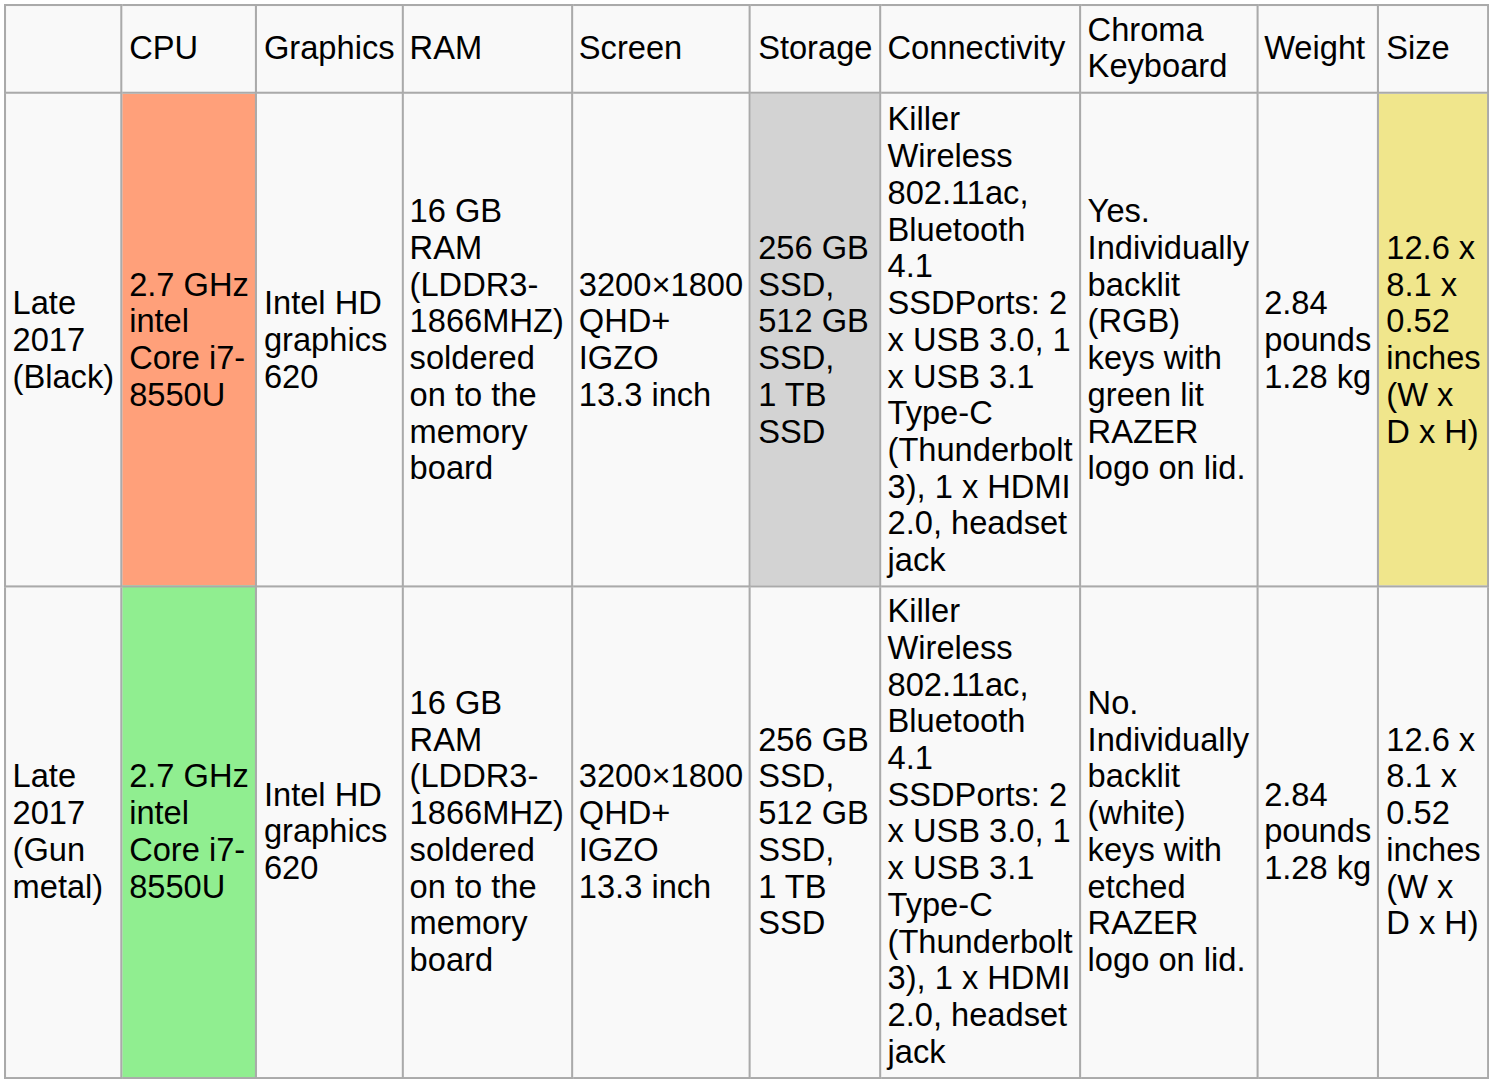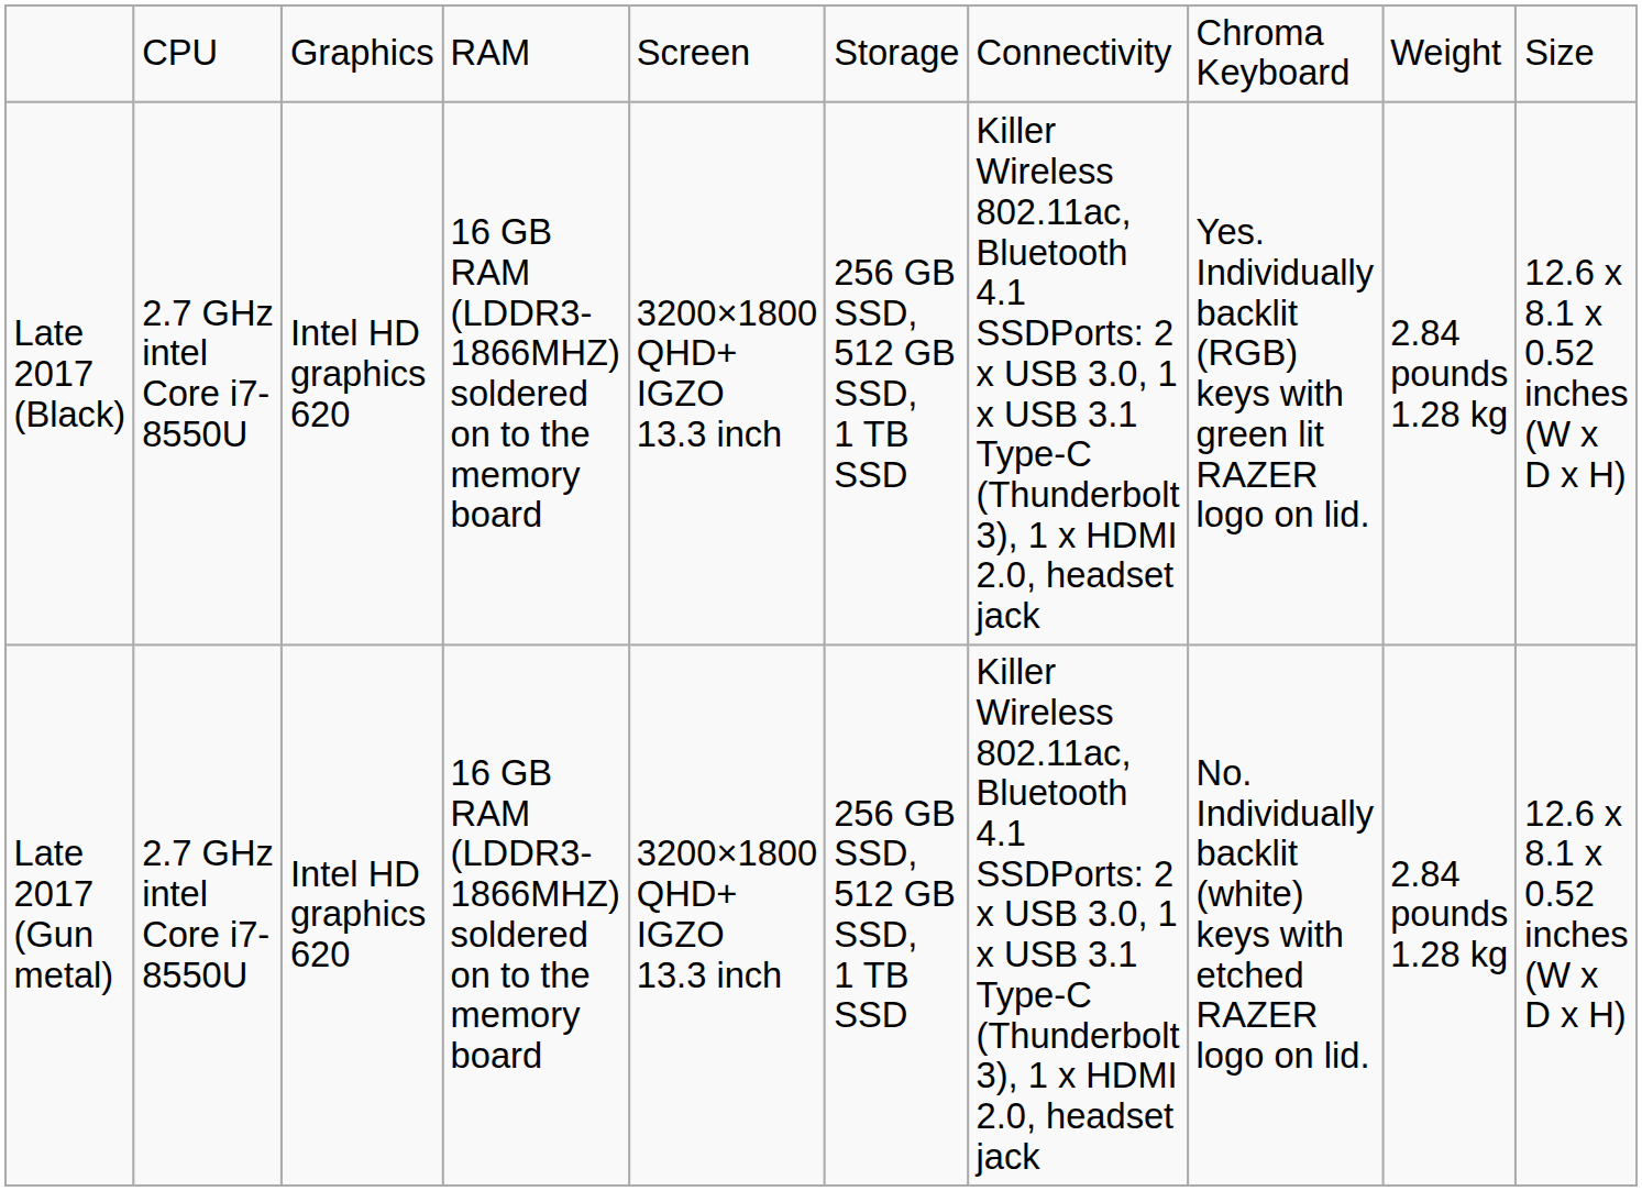 <table class="wikitable">
 <tr>
 <td></td>
 <td>CPU</td>
 <td>Graphics</td>
 <td>RAM</td>
 <td>Screen</td>
 <td>Storage</td>
 <td>Connectivity</td>
 <td>Chroma Keyboard</td>
 <td>Weight</td>
 <td>Size</td>
 </tr>
 <tr>
 <td>Late 2017 (Black)<br></td>
-<td style="background: lightsalmon;">2.7 GHz intel Core i7-8550U</td>
+<td>2.7 GHz intel Core i7-8550U</td>
 <td>Intel HD graphics 620</td>
 <td>16 GB RAM (LDDR3-1866MHZ) soldered on to the memory board</td>
 <td>3200×1800 QHD+ IGZO<br>13.3 inch</td>
-<td style="background: lightgrey;">256 GB SSD, 512 GB SSD,<br>1 TB SSD</td>
+<td>256 GB SSD, 512 GB SSD,<br>1 TB SSD</td>
 <td>Killer Wireless 802.11ac, Bluetooth  4.1<br>SSDPorts: 2 x USB 3.0, 1 x USB 3.1  Type-C (Thunderbolt 3), 1 x HDMI 2.0, headset jack</td>
 <td>Yes. Individually backlit (RGB) keys with green lit RAZER logo on lid.</td>
 <td>2.84 pounds<br>1.28 kg</td>
-<td style="background: khaki;">12.6 x 8.1 x 0.52 inches (W x D x H)</td>
+<td>12.6 x 8.1 x 0.52 inches (W x D x H)</td>
 </tr>
 <tr>
 <td>Late 2017 (Gun metal)<br></td>
-<td style="background: lightgreen;">2.7 GHz intel Core i7-8550U</td>
+<td>2.7 GHz intel Core i7-8550U</td>
 <td>Intel HD graphics 620</td>
 <td>16 GB RAM (LDDR3-1866MHZ) soldered on to the memory board</td>
 <td>3200×1800 QHD+ IGZO<br>13.3 inch</td>
 <td>256 GB SSD, 512 GB SSD,<br>1 TB SSD</td>
 <td>Killer Wireless 802.11ac, Bluetooth  4.1<br>SSDPorts: 2 x USB 3.0, 1 x USB 3.1  Type-C (Thunderbolt 3), 1 x HDMI 2.0, headset jack</td>
 <td>No. Individually backlit (white) keys with etched RAZER logo on lid.</td>
 <td>2.84 pounds<br>1.28 kg</td>
 <td>12.6 x 8.1 x 0.52 inches (W x D x H)</td>
 </tr>
 </table>
